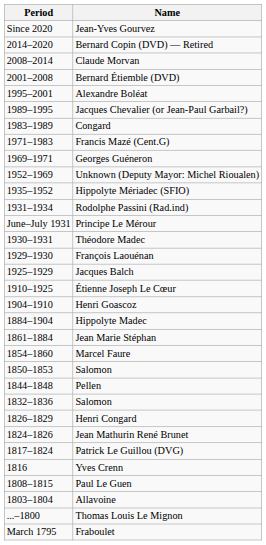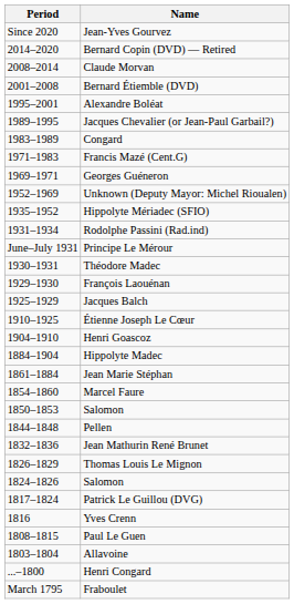 <table class="wikitable">
 <tr>
 <th>Period</th>
 <th>Name</th>
 </tr>
 <tr>
 <td>Since 2020</td>
 <td>Jean-Yves Gourvez</td>
 </tr>
 <tr>
 <td>2014–2020</td>
 <td>Bernard Copin (DVD) — Retired</td>
 </tr>
 <tr>
 <td>2008–2014</td>
 <td>Claude Morvan</td>
 </tr>
 <tr>
 <td>2001–2008</td>
 <td>Bernard Étiemble (DVD)</td>
 </tr>
 <tr>
 <td>1995–2001</td>
 <td>Alexandre Boléat</td>
 </tr>
 <tr>
 <td>1989–1995</td>
 <td>Jacques Chevalier (or Jean-Paul Garbail?)</td>
 </tr>
 <tr>
 <td>1983–1989</td>
 <td>Congard</td>
 </tr>
 <tr>
 <td>1971–1983</td>
 <td>Francis Mazé (Cent.G)</td>
 </tr>
 <tr>
 <td>1969–1971</td>
 <td>Georges Guéneron</td>
 </tr>
 <tr>
 <td>1952–1969</td>
 <td>Unknown (Deputy Mayor: Michel Rioualen)</td>
 </tr>
 <tr>
 <td>1935–1952</td>
 <td>Hippolyte Mériadec (SFIO)</td>
 </tr>
 <tr>
 <td>1931–1934</td>
 <td>Rodolphe Passini (Rad.ind)</td>
 </tr>
 <tr>
 <td>June–July 1931</td>
 <td>Principe Le Mérour</td>
 </tr>
 <tr>
 <td>1930–1931</td>
 <td>Théodore Madec</td>
 </tr>
 <tr>
 <td>1929–1930</td>
 <td>François Laouénan</td>
 </tr>
 <tr>
 <td>1925–1929</td>
 <td>Jacques Balch</td>
 </tr>
 <tr>
 <td>1910–1925</td>
 <td>Étienne Joseph Le Cœur</td>
 </tr>
 <tr>
 <td>1904–1910</td>
 <td>Henri Goascoz</td>
 </tr>
 <tr>
 <td>1884–1904</td>
 <td>Hippolyte Madec</td>
 </tr>
 <tr>
 <td>1861–1884</td>
 <td>Jean Marie Stéphan</td>
 </tr>
 <tr>
 <td>1854–1860</td>
 <td>Marcel Faure</td>
 </tr>
 <tr>
 <td>1850–1853</td>
 <td>Salomon</td>
 </tr>
 <tr>
 <td>1844–1848</td>
 <td>Pellen</td>
 </tr>
 <tr>
 <td>1832–1836</td>
-<td>Salomon</td>
+<td>Jean Mathurin René Brunet</td>
 </tr>
 <tr>
 <td>1826–1829</td>
-<td>Henri Congard</td>
+<td>Thomas Louis Le Mignon</td>
 </tr>
 <tr>
 <td>1824–1826</td>
-<td>Jean Mathurin René Brunet</td>
+<td>Salomon</td>
 </tr>
 <tr>
 <td>1817–1824</td>
 <td>Patrick Le Guillou (DVG)</td>
 </tr>
 <tr>
 <td>1816</td>
 <td>Yves Crenn</td>
 </tr>
 <tr>
 <td>1808–1815</td>
 <td>Paul Le Guen</td>
 </tr>
 <tr>
 <td>1803–1804</td>
 <td>Allavoine</td>
 </tr>
 <tr>
 <td>...–1800</td>
-<td>Thomas Louis Le Mignon</td>
+<td>Henri Congard</td>
 </tr>
 <tr>
 <td>March 1795</td>
 <td>Fraboulet</td>
 </tr>
 </table>
